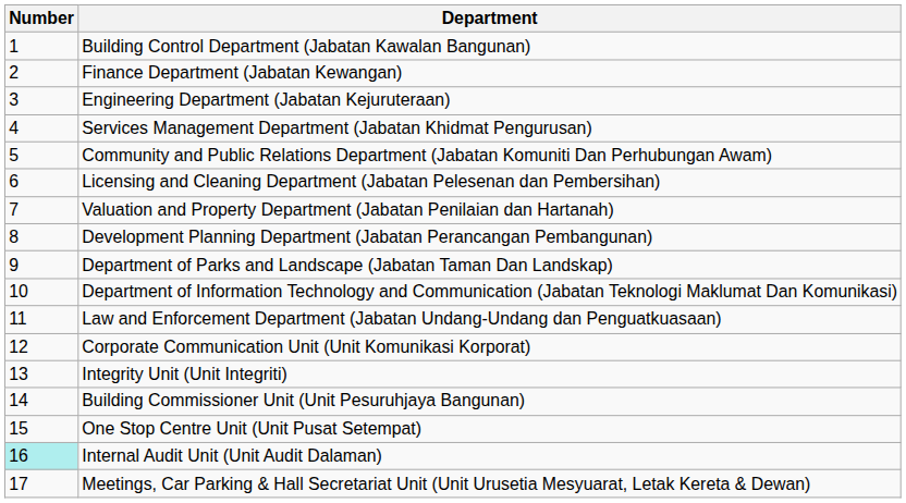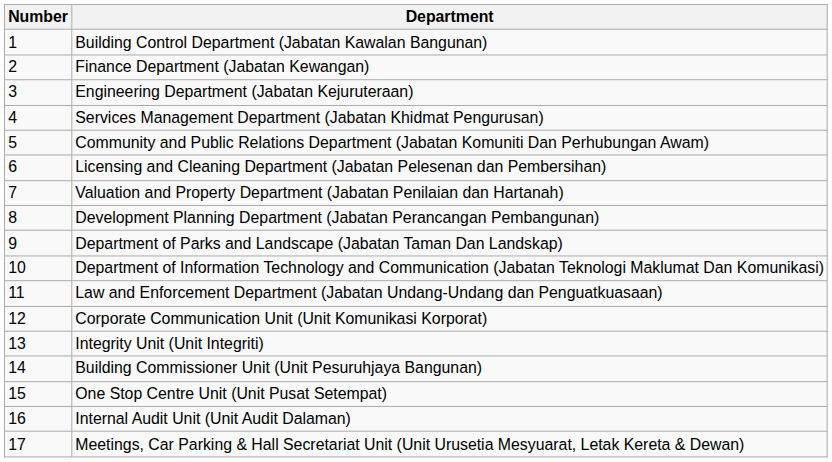 <table class="wikitable sortable">
 <tr>
 <th>Number</th>
 <th>Department</th>
 </tr>
 <tr>
 <td>1</td>
 <td>Building Control Department (Jabatan Kawalan Bangunan)</td>
 </tr>
 <tr>
 <td>2</td>
 <td>Finance Department (Jabatan Kewangan)</td>
 </tr>
 <tr>
 <td>3</td>
 <td>Engineering Department (Jabatan Kejuruteraan)</td>
 </tr>
 <tr>
 <td>4</td>
 <td>Services Management Department (Jabatan Khidmat Pengurusan)</td>
 </tr>
 <tr>
 <td>5</td>
 <td>Community and Public Relations Department  (Jabatan Komuniti Dan Perhubungan Awam)</td>
 </tr>
 <tr>
 <td>6</td>
 <td>Licensing and Cleaning Department (Jabatan Pelesenan dan Pembersihan)</td>
 </tr>
 <tr>
 <td>7</td>
 <td>Valuation and Property Department (Jabatan Penilaian dan Hartanah)</td>
 </tr>
 <tr>
 <td>8</td>
 <td>Development Planning Department (Jabatan Perancangan Pembangunan)</td>
 </tr>
 <tr>
 <td>9</td>
 <td>Department of Parks and Landscape (Jabatan Taman Dan Landskap)</td>
 </tr>
 <tr>
 <td>10</td>
 <td>Department of Information Technology and Communication (Jabatan Teknologi Maklumat Dan Komunikasi)</td>
 </tr>
 <tr>
 <td>11</td>
 <td>Law and Enforcement Department (Jabatan Undang-Undang dan Penguatkuasaan)</td>
 </tr>
 <tr>
 <td>12</td>
 <td>Corporate Communication Unit (Unit Komunikasi Korporat)</td>
 </tr>
 <tr>
 <td>13</td>
 <td>Integrity Unit (Unit Integriti)</td>
 </tr>
 <tr>
 <td>14</td>
 <td>Building Commissioner Unit (Unit Pesuruhjaya Bangunan)</td>
 </tr>
 <tr>
 <td>15</td>
 <td>One Stop Centre Unit (Unit Pusat Setempat)</td>
 </tr>
 <tr>
-<td style="background: paleturquoise;">16</td>
+<td>16</td>
 <td>Internal Audit Unit (Unit Audit Dalaman)</td>
 </tr>
 <tr>
 <td>17</td>
 <td>Meetings, Car Parking & Hall Secretariat Unit (Unit Urusetia Mesyuarat, Letak Kereta & Dewan)</td>
 </tr>
 </table>
